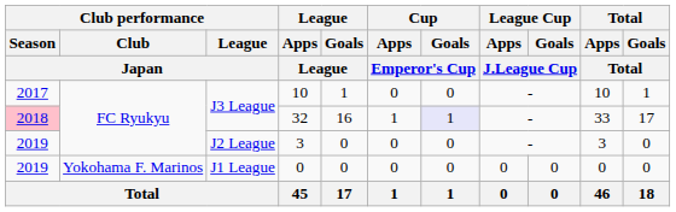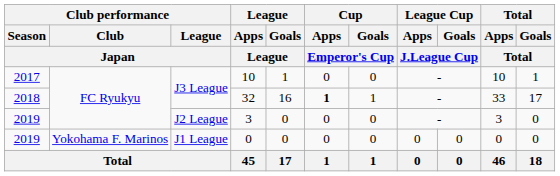 <table class="wikitable" style="text-align:center;">
 <tr>
 <th colspan=3>Club performance</th>
 <th colspan=2>League</th>
 <th colspan=2>Cup</th>
 <th colspan=2>League Cup</th>
 <th colspan=2>Total</th>
 </tr>
 <tr>
 <th>Season</th>
 <th>Club</th>
 <th>League</th>
 <th>Apps</th>
 <th>Goals</th>
 <th>Apps</th>
 <th>Goals</th>
 <th>Apps</th>
 <th>Goals</th>
 <th>Apps</th>
 <th>Goals</th>
 </tr>
 <tr>
 <th colspan=3>Japan</th>
 <th colspan=2>League</th>
 <th colspan=2><a href='#'>Emperor's Cup</a></th>
 <th colspan=2><a href='#'>J.League Cup</a></th>
 <th colspan=2>Total</th>
 </tr>
 <tr>
 <td><a href='#'>2017</a></td>
 <td rowspan="3"><a href='#'>FC Ryukyu</a></td>
 <td rowspan="2"><a href='#'>J3 League</a></td>
 <td>10</td>
 <td>1</td>
 <td>0</td>
 <td>0</td>
 <td colspan=2>-</td>
 <td>10</td>
 <td>1</td>
 </tr>
 <tr>
-<td style="background: pink;"><a href='#'>2018</a></td>
+<td><a href='#'>2018</a></td>
 <td>32</td>
 <td>16</td>
+<td><strong>1</strong></td>
 <td>1</td>
-<td style="background: lavender;">1</td>
 <td colspan=2>-</td>
 <td>33</td>
 <td>17</td>
 </tr>
 <tr>
 <td><a href='#'>2019</a></td>
 <td><a href='#'>J2 League</a></td>
 <td>3</td>
 <td>0</td>
 <td>0</td>
 <td>0</td>
 <td colspan=2>-</td>
 <td>3</td>
 <td>0</td>
 </tr>
 <tr>
 <td><a href='#'>2019</a></td>
 <td><a href='#'>Yokohama F. Marinos</a></td>
 <td><a href='#'>J1 League</a></td>
 <td>0</td>
 <td>0</td>
 <td>0</td>
 <td>0</td>
 <td>0</td>
 <td>0</td>
 <td>0</td>
 <td>0</td>
 </tr>
 <tr>
 <th colspan=3>Total</th>
 <th>45</th>
 <th>17</th>
 <th>1</th>
 <th>1</th>
 <th>0</th>
 <th>0</th>
 <th>46</th>
 <th>18</th>
 </tr>
 </table>
